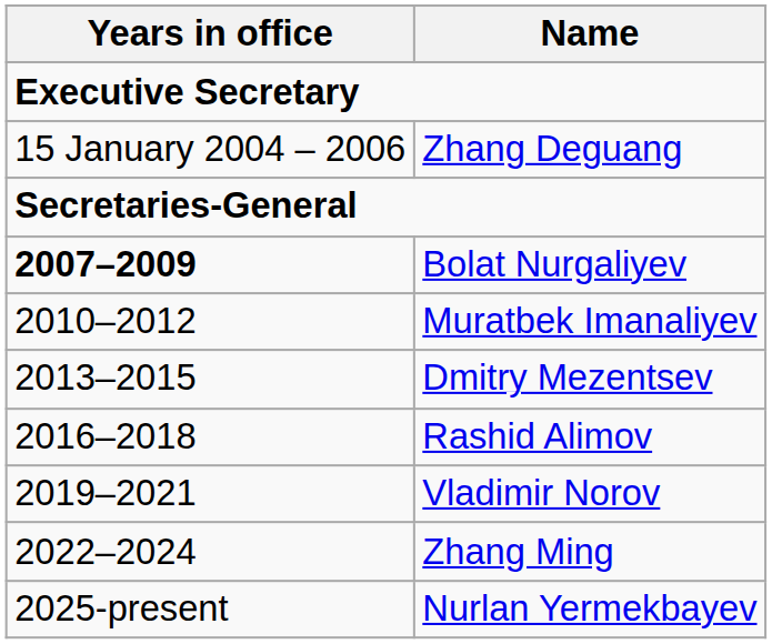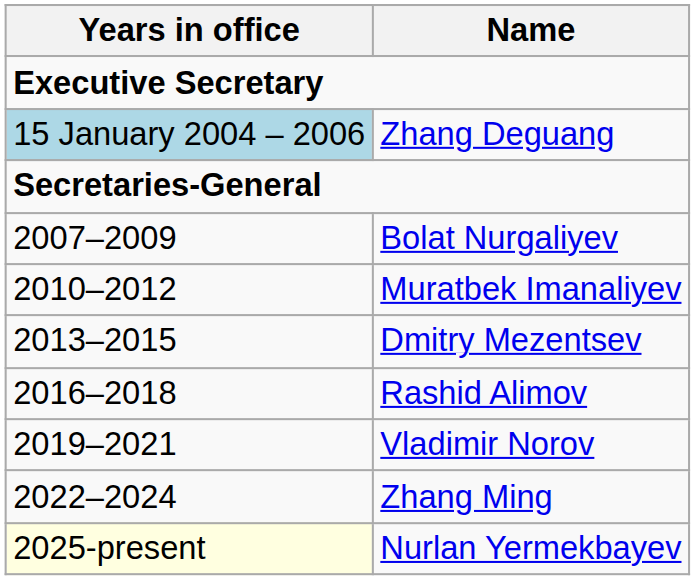 <table class="wikitable floatright" style="clear:none; margin-left:1em">
 <tr>
 <th>Years in office</th>
 <th>Name</th>
 </tr>
 <tr>
 <td colspan=2><strong>Executive Secretary</strong></td>
 </tr>
 <tr>
-<td>15 January 2004 – 2006</td>
+<td style="background: lightblue;">15 January 2004 – 2006</td>
 <td> <a href='#'>Zhang Deguang</a></td>
 </tr>
 <tr>
 <td colspan=2><strong>Secretaries-General</strong></td>
 </tr>
 <tr>
-<td><strong>2007–2009</strong></td>
+<td>2007–2009</td>
 <td> <a href='#'>Bolat Nurgaliyev</a></td>
 </tr>
 <tr>
 <td>2010–2012</td>
 <td> <a href='#'>Muratbek Imanaliyev</a></td>
 </tr>
 <tr>
 <td>2013–2015</td>
 <td> <a href='#'>Dmitry Mezentsev</a></td>
 </tr>
 <tr>
 <td>2016–2018</td>
 <td> <a href='#'>Rashid Alimov</a></td>
 </tr>
 <tr>
 <td>2019–2021</td>
 <td> <a href='#'>Vladimir Norov</a></td>
 </tr>
 <tr>
 <td>2022–2024</td>
 <td> <a href='#'>Zhang Ming</a></td>
 </tr>
 <tr>
-<td>2025-present</td>
+<td style="background: lightyellow;">2025-present</td>
 <td> <a href='#'>Nurlan Yermekbayev</a></td>
 </tr>
 </table>
